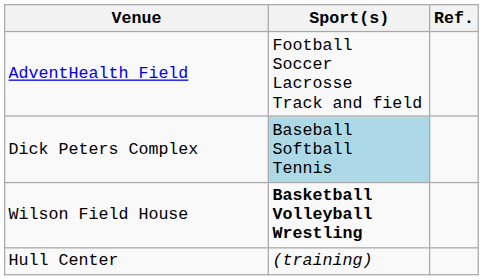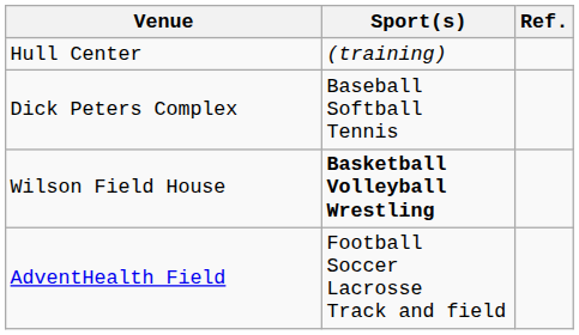 <table class="wikitable"; style= "text-align: ">
 <tr>
 <th width=200px>Venue</th>
 <th width=120px>Sport(s)</th>
 <th width=px>Ref.</th>
 </tr>
 <tr>
-<td><a href='#'>AdventHealth Field</a></td>
-<td>Football <br> Soccer <br> Lacrosse <br> Track and field</td>
+<td>Hull Center</td>
+<td><em>(training)</em></td>
 <td></td>
 </tr>
 <tr>
 <td>Dick Peters Complex</td>
-<td style="background: lightblue;">Baseball <br> Softball <br> Tennis</td>
+<td>Baseball <br> Softball <br> Tennis</td>
 <td></td>
 </tr>
 <tr>
 <td>Wilson Field House</td>
 <td><strong>Basketball <br> Volleyball <br> Wrestling</strong></td>
 <td></td>
 </tr>
 <tr>
-<td>Hull Center</td>
-<td><em>(training)</em></td>
+<td><a href='#'>AdventHealth Field</a></td>
+<td>Football <br> Soccer <br> Lacrosse <br> Track and field</td>
 <td></td>
 </tr>
 </table>
